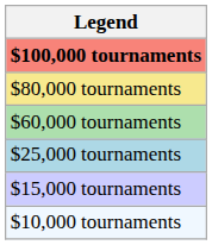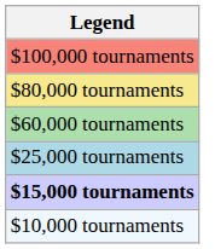 <table class=wikitable style=font-size:85%>
 <tr>
 <th>Legend</th>
 </tr>
 <tr style="background:#f88379;">
-<td><strong>$100,000 tournaments</strong></td>
+<td>$100,000 tournaments</td>
 </tr>
 <tr style="background:#f7e98e;">
 <td>$80,000 tournaments</td>
 </tr>
 <tr style="background:#addfad;">
 <td>$60,000 tournaments</td>
 </tr>
 <tr style="background:lightblue;">
 <td>$25,000 tournaments</td>
 </tr>
 <tr style="background:#ccf;">
-<td>$15,000 tournaments</td>
+<td><strong>$15,000 tournaments</strong></td>
 </tr>
 <tr style="background:#f0f8ff;">
 <td>$10,000 tournaments</td>
 </tr>
 </table>
